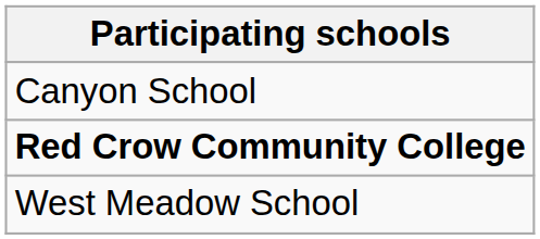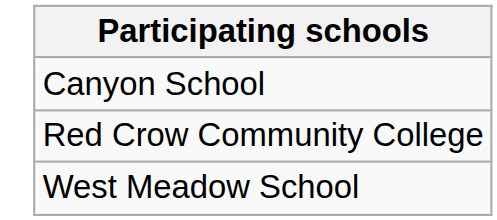 <table class="wikitable" align=right>
 <tr>
 <th>Participating schools</th>
 </tr>
 <tr>
 <td>Canyon School</td>
 </tr>
 <tr>
-<td><strong>Red Crow Community College</strong></td>
+<td>Red Crow Community College</td>
 </tr>
 <tr>
 <td>West Meadow School</td>
 </tr>
 </table>
